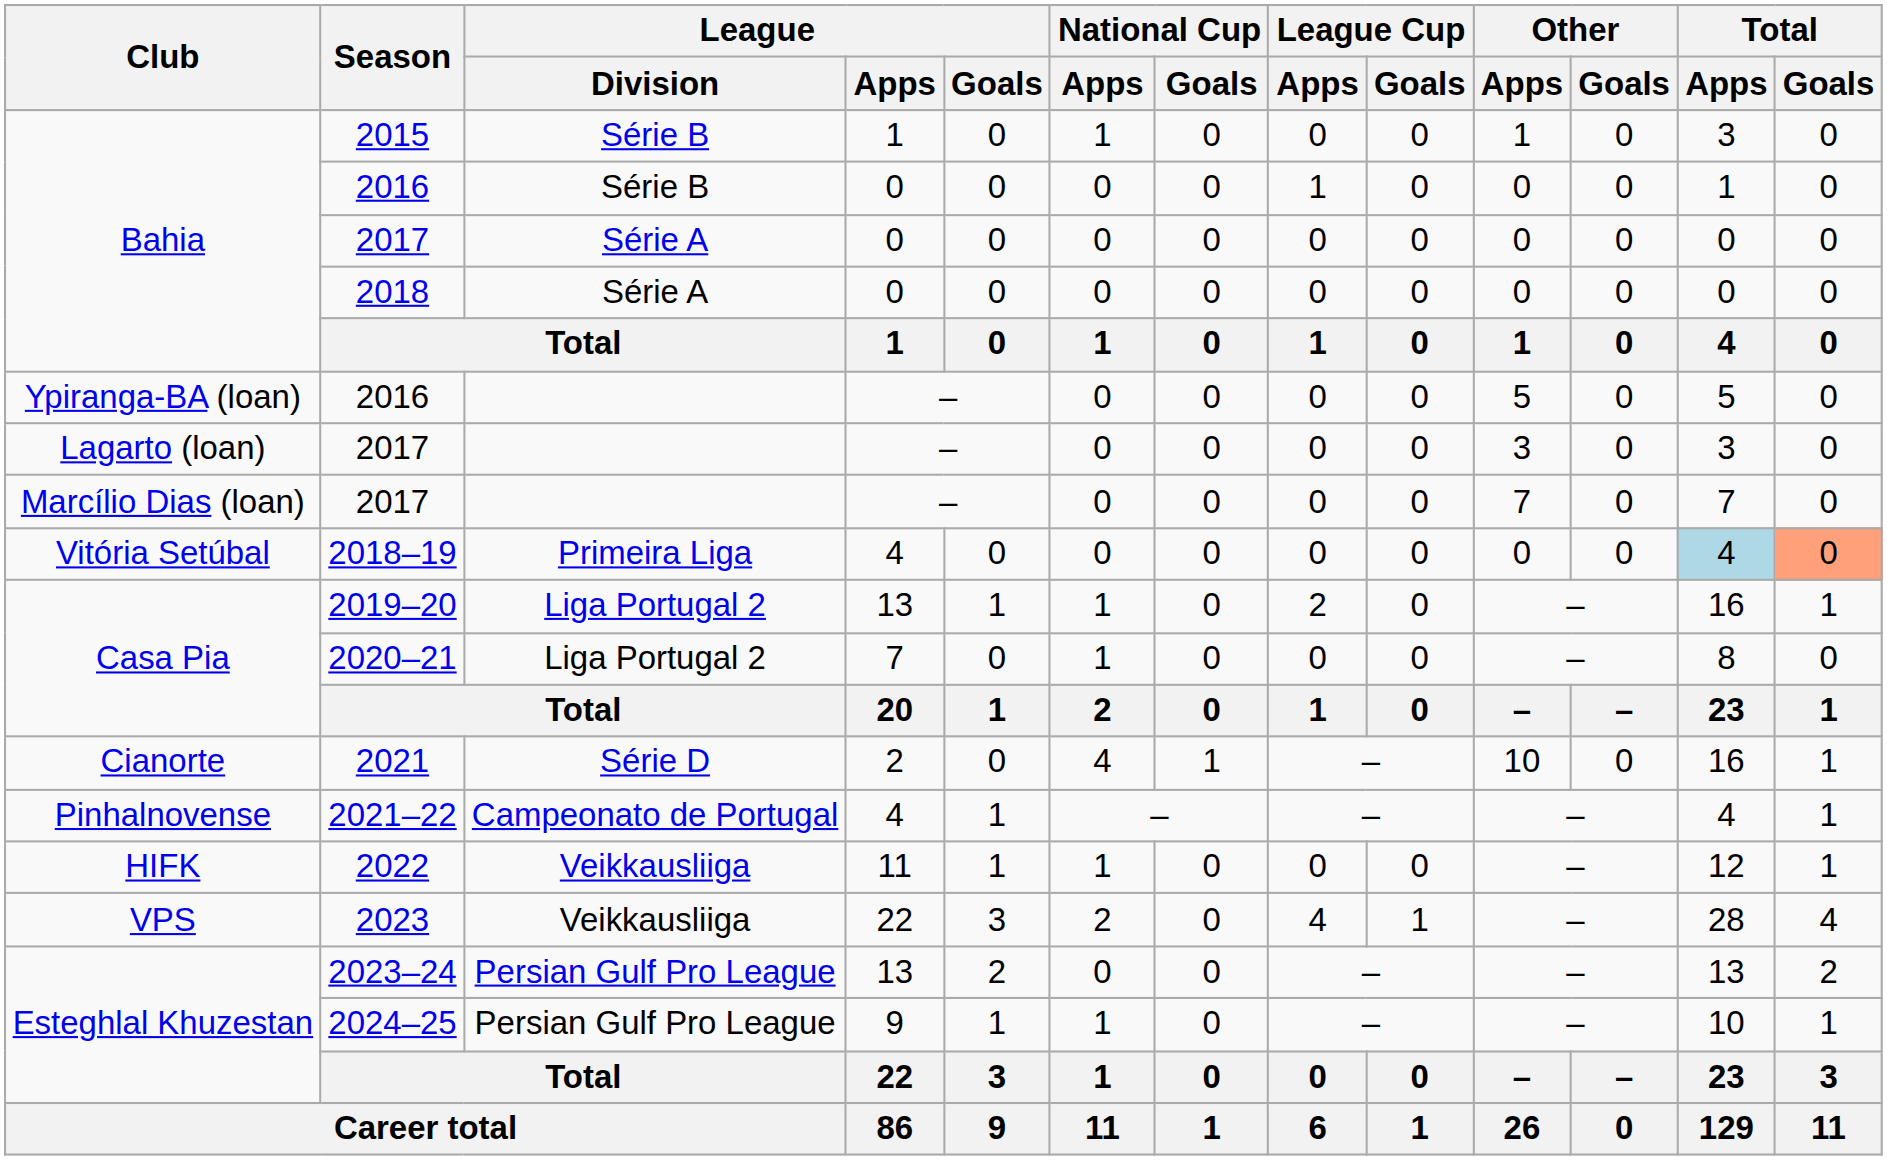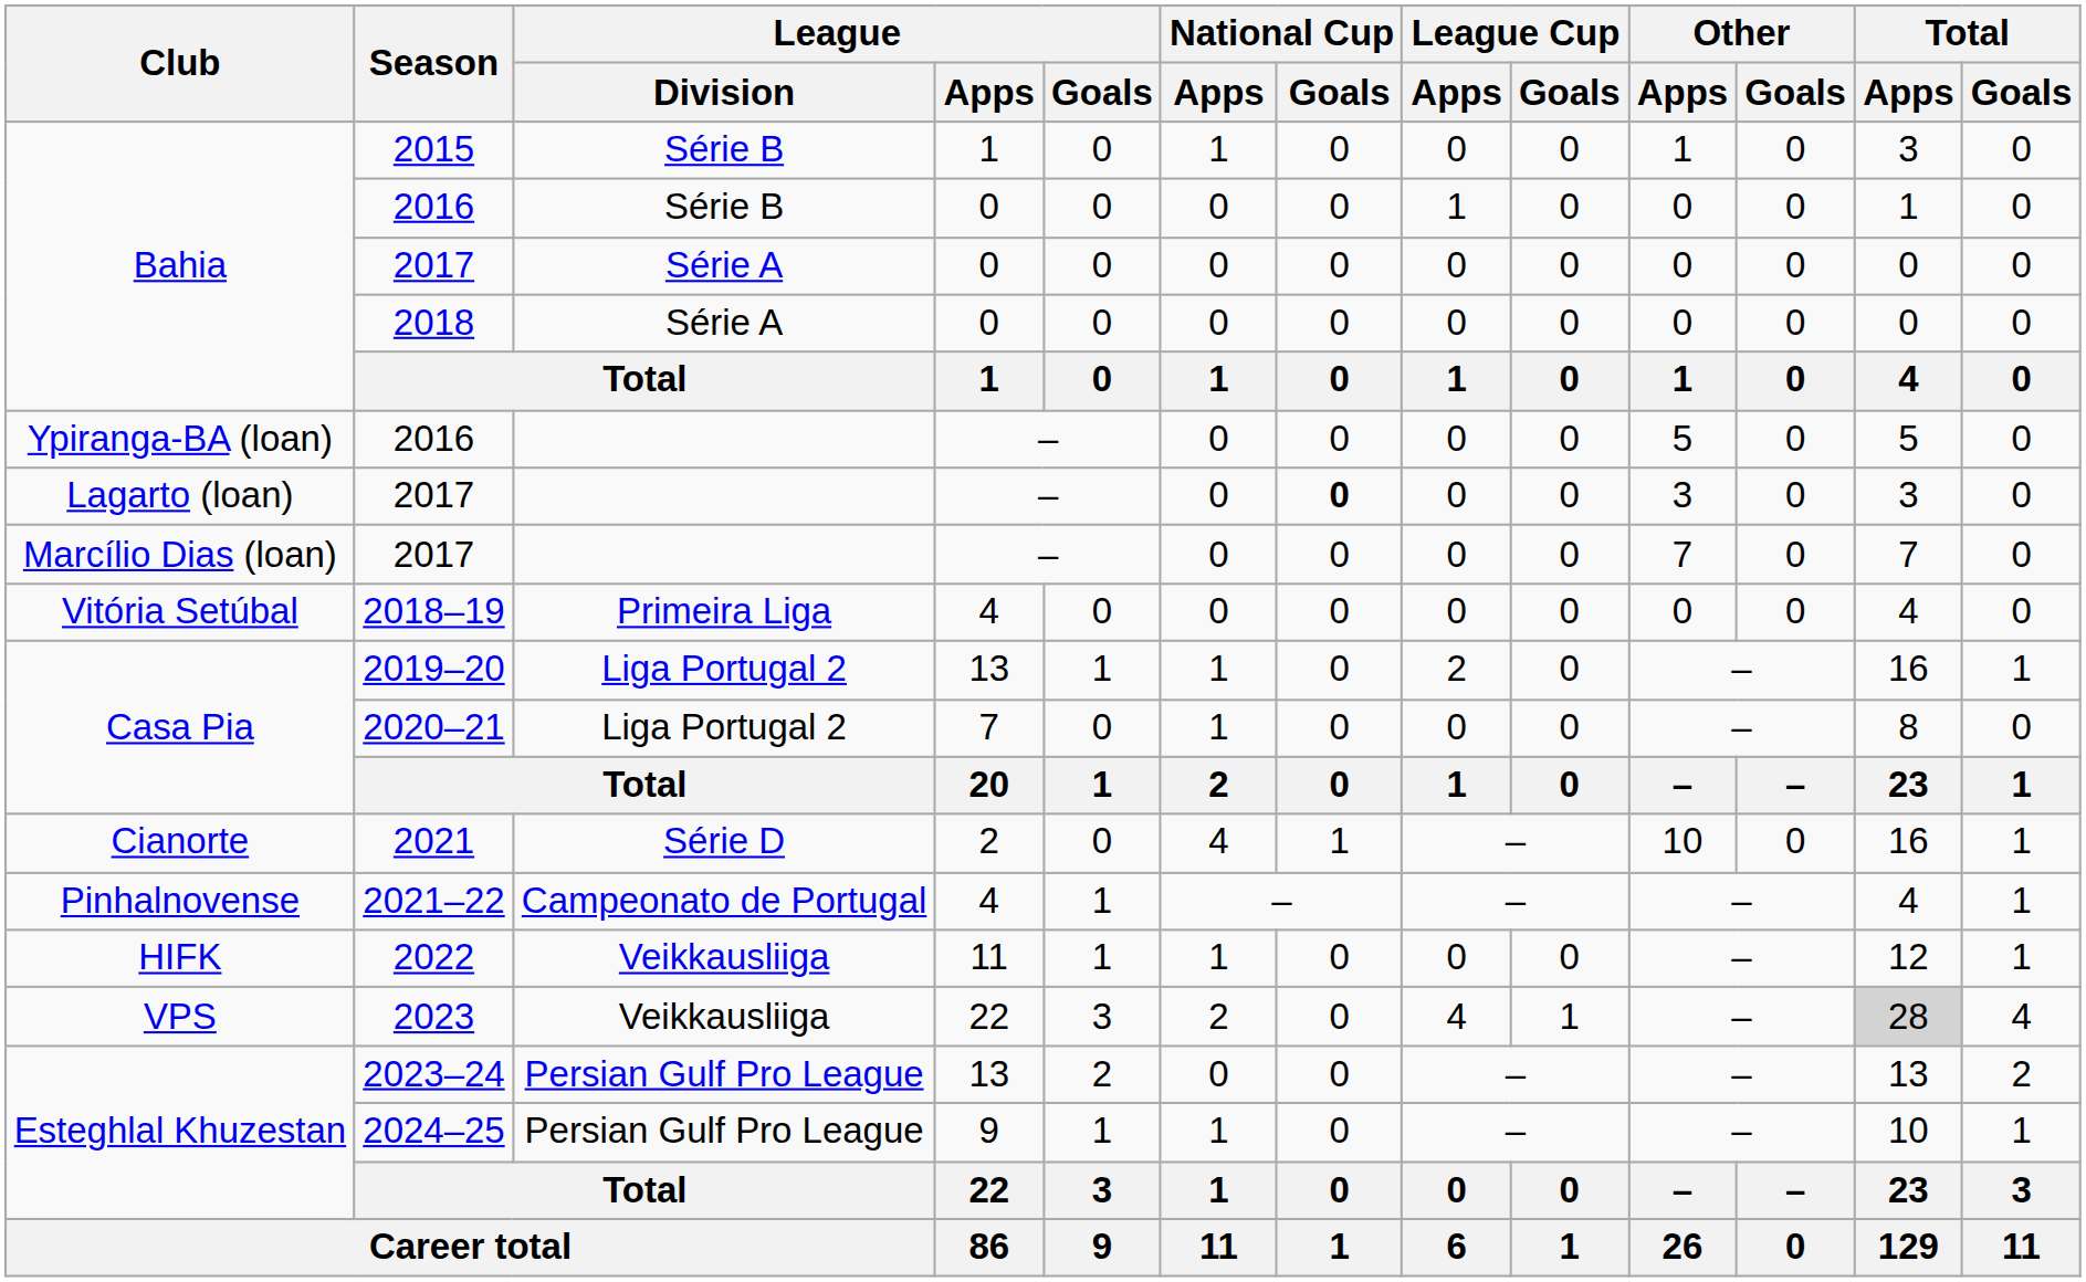 <table class="wikitable" style="text-align: center">
 <tr>
 <th rowspan="2">Club</th>
 <th rowspan="2">Season</th>
 <th colspan="3">League</th>
 <th colspan="2">National Cup</th>
 <th colspan="2">League Cup</th>
 <th colspan="2">Other</th>
 <th colspan="2">Total</th>
 </tr>
 <tr>
 <th>Division</th>
 <th>Apps</th>
 <th>Goals</th>
 <th>Apps</th>
 <th>Goals</th>
 <th>Apps</th>
 <th>Goals</th>
 <th>Apps</th>
 <th>Goals</th>
 <th>Apps</th>
 <th>Goals</th>
 </tr>
 <tr>
 <td rowspan="5"><a href='#'>Bahia</a></td>
 <td><a href='#'>2015</a></td>
 <td><a href='#'>Série B</a></td>
 <td>1</td>
 <td>0</td>
 <td>1</td>
 <td>0</td>
 <td>0</td>
 <td>0</td>
 <td>1</td>
 <td>0</td>
 <td>3</td>
 <td>0</td>
 </tr>
 <tr>
 <td><a href='#'>2016</a></td>
 <td>Série B</td>
 <td>0</td>
 <td>0</td>
 <td>0</td>
 <td>0</td>
 <td>1</td>
 <td>0</td>
 <td>0</td>
 <td>0</td>
 <td>1</td>
 <td>0</td>
 </tr>
 <tr>
 <td><a href='#'>2017</a></td>
 <td><a href='#'>Série A</a></td>
 <td>0</td>
 <td>0</td>
 <td>0</td>
 <td>0</td>
 <td>0</td>
 <td>0</td>
 <td>0</td>
 <td>0</td>
 <td>0</td>
 <td>0</td>
 </tr>
 <tr>
 <td><a href='#'>2018</a></td>
 <td>Série A</td>
 <td>0</td>
 <td>0</td>
 <td>0</td>
 <td>0</td>
 <td>0</td>
 <td>0</td>
 <td>0</td>
 <td>0</td>
 <td>0</td>
 <td>0</td>
 </tr>
 <tr>
 <th colspan="2"><strong>Total</strong></th>
 <th>1</th>
 <th>0</th>
 <th>1</th>
 <th>0</th>
 <th>1</th>
 <th>0</th>
 <th>1</th>
 <th>0</th>
 <th>4</th>
 <th>0</th>
 </tr>
 <tr>
 <td><a href='#'>Ypiranga-BA</a> (loan)</td>
 <td>2016</td>
 <td></td>
 <td colspan="2">–</td>
 <td>0</td>
 <td>0</td>
 <td>0</td>
 <td>0</td>
 <td>5</td>
 <td>0</td>
 <td>5</td>
 <td>0</td>
 </tr>
 <tr>
 <td><a href='#'>Lagarto</a> (loan)</td>
 <td>2017</td>
 <td></td>
 <td colspan="2">–</td>
 <td>0</td>
-<td>0</td>
+<td><strong>0</strong></td>
 <td>0</td>
 <td>0</td>
 <td>3</td>
 <td>0</td>
 <td>3</td>
 <td>0</td>
 </tr>
 <tr>
 <td><a href='#'>Marcílio Dias</a> (loan)</td>
 <td>2017</td>
 <td></td>
 <td colspan="2">–</td>
 <td>0</td>
 <td>0</td>
 <td>0</td>
 <td>0</td>
 <td>7</td>
 <td>0</td>
 <td>7</td>
 <td>0</td>
 </tr>
 <tr>
 <td><a href='#'>Vitória Setúbal</a></td>
 <td><a href='#'>2018–19</a></td>
 <td><a href='#'>Primeira Liga</a></td>
 <td>4</td>
 <td>0</td>
 <td>0</td>
 <td>0</td>
 <td>0</td>
 <td>0</td>
 <td>0</td>
 <td>0</td>
-<td style="background: lightblue;">4</td>
-<td style="background: lightsalmon;">0</td>
+<td>4</td>
+<td>0</td>
 </tr>
 <tr>
 <td rowspan="3"><a href='#'>Casa Pia</a></td>
 <td><a href='#'>2019–20</a></td>
 <td><a href='#'>Liga Portugal 2</a></td>
 <td>13</td>
 <td>1</td>
 <td>1</td>
 <td>0</td>
 <td>2</td>
 <td>0</td>
 <td colspan="2">–</td>
 <td>16</td>
 <td>1</td>
 </tr>
 <tr>
 <td><a href='#'>2020–21</a></td>
 <td>Liga Portugal 2</td>
 <td>7</td>
 <td>0</td>
 <td>1</td>
 <td>0</td>
 <td>0</td>
 <td>0</td>
 <td colspan="2">–</td>
 <td>8</td>
 <td>0</td>
 </tr>
 <tr>
 <th colspan="2"><strong>Total</strong></th>
 <th>20</th>
 <th>1</th>
 <th>2</th>
 <th>0</th>
 <th>1</th>
 <th>0</th>
 <th>–</th>
 <th>–</th>
 <th>23</th>
 <th>1</th>
 </tr>
 <tr>
 <td><a href='#'>Cianorte</a></td>
 <td><a href='#'>2021</a></td>
 <td><a href='#'>Série D</a></td>
 <td>2</td>
 <td>0</td>
 <td>4</td>
 <td>1</td>
 <td colspan="2">–</td>
 <td>10</td>
 <td>0</td>
 <td>16</td>
 <td>1</td>
 </tr>
 <tr>
 <td><a href='#'>Pinhalnovense</a></td>
 <td><a href='#'>2021–22</a></td>
 <td><a href='#'>Campeonato de Portugal</a></td>
 <td>4</td>
 <td>1</td>
 <td colspan="2">–</td>
 <td colspan="2">–</td>
 <td colspan="2">–</td>
 <td>4</td>
 <td>1</td>
 </tr>
 <tr>
 <td><a href='#'>HIFK</a></td>
 <td><a href='#'>2022</a></td>
 <td><a href='#'>Veikkausliiga</a></td>
 <td>11</td>
 <td>1</td>
 <td>1</td>
 <td>0</td>
 <td>0</td>
 <td>0</td>
 <td colspan="2">–</td>
 <td>12</td>
 <td>1</td>
 </tr>
 <tr>
 <td><a href='#'>VPS</a></td>
 <td><a href='#'>2023</a></td>
 <td>Veikkausliiga</td>
 <td>22</td>
 <td>3</td>
 <td>2</td>
 <td>0</td>
 <td>4</td>
 <td>1</td>
 <td colspan="2">–</td>
-<td>28</td>
+<td style="background: lightgrey;">28</td>
 <td>4</td>
 </tr>
 <tr>
 <td rowspan=3><a href='#'>Esteghlal Khuzestan</a></td>
 <td><a href='#'>2023–24</a></td>
 <td><a href='#'>Persian Gulf Pro League</a></td>
 <td>13</td>
 <td>2</td>
 <td>0</td>
 <td>0</td>
 <td colspan="2">–</td>
 <td colspan="2">–</td>
 <td>13</td>
 <td>2</td>
 </tr>
 <tr>
 <td><a href='#'>2024–25</a></td>
 <td>Persian Gulf Pro League</td>
 <td>9</td>
 <td>1</td>
 <td>1</td>
 <td>0</td>
 <td colspan="2">–</td>
 <td colspan="2">–</td>
 <td>10</td>
 <td>1</td>
 </tr>
 <tr>
 <th colspan="2"><strong>Total</strong></th>
 <th>22</th>
 <th>3</th>
 <th>1</th>
 <th>0</th>
 <th>0</th>
 <th>0</th>
 <th>–</th>
 <th>–</th>
 <th>23</th>
 <th>3</th>
 </tr>
 <tr>
 <th colspan="3"><strong>Career total</strong></th>
 <th>86</th>
 <th>9</th>
 <th>11</th>
 <th>1</th>
 <th>6</th>
 <th>1</th>
 <th>26</th>
 <th>0</th>
 <th>129</th>
 <th>11</th>
 </tr>
 </table>
